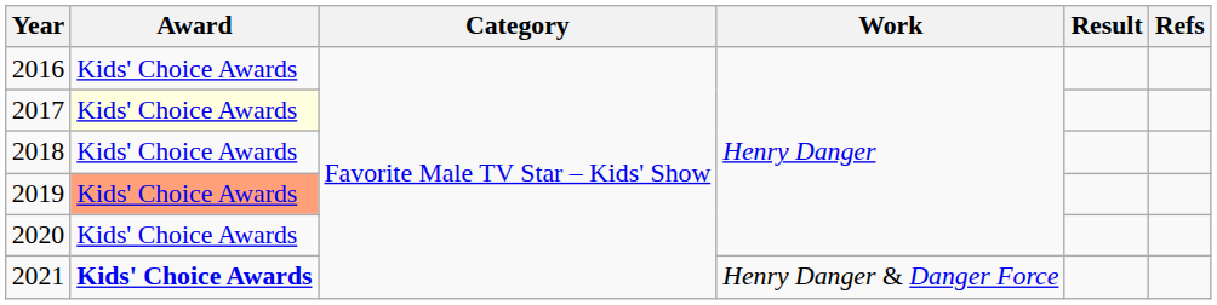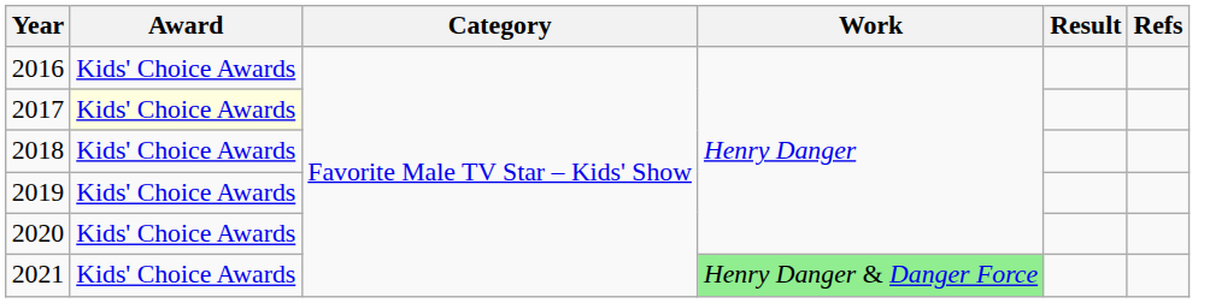 <table class="wikitable">
 <tr>
 <th>Year</th>
 <th>Award</th>
 <th>Category</th>
 <th>Work</th>
 <th>Result</th>
 <th>Refs</th>
 </tr>
 <tr>
 <td>2016</td>
 <td><a href='#'>Kids' Choice Awards</a></td>
 <td rowspan="6"><a href='#'>Favorite Male TV Star – Kids' Show</a></td>
 <td rowspan="5"><em><a href='#'>Henry Danger</a></em></td>
 <td></td>
 <td style="text-align:center;"></td>
 </tr>
 <tr>
 <td>2017</td>
 <td style="background: lightyellow;"><a href='#'>Kids' Choice Awards</a></td>
 <td></td>
 <td style="text-align:center;"></td>
 </tr>
 <tr>
 <td>2018</td>
 <td><a href='#'>Kids' Choice Awards</a></td>
 <td></td>
 <td style="text-align:center;"></td>
 </tr>
 <tr>
 <td>2019</td>
-<td style="background: lightsalmon;"><a href='#'>Kids' Choice Awards</a></td>
+<td><a href='#'>Kids' Choice Awards</a></td>
 <td></td>
 <td style="text-align:center;"></td>
 </tr>
 <tr>
 <td>2020</td>
 <td><a href='#'>Kids' Choice Awards</a></td>
 <td></td>
 <td style="text-align:center;"></td>
 </tr>
 <tr>
 <td>2021</td>
-<td><strong><a href='#'>Kids' Choice Awards</a></strong></td>
-<td><em>Henry Danger</em> & <em><a href='#'>Danger Force</a></em></td>
+<td><a href='#'>Kids' Choice Awards</a></td>
+<td style="background: lightgreen;"><em>Henry Danger</em> & <em><a href='#'>Danger Force</a></em></td>
 <td></td>
 <td style="text-align:center;"></td>
 </tr>
 </table>
